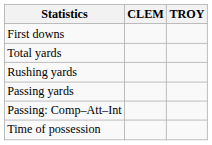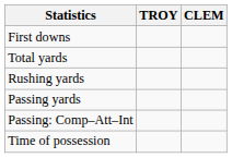 <table class="wikitable" style="float: left;">
 <tr>
 <th>Statistics</th>
+<th>TROY</th>
 <th>CLEM</th>
-<th>TROY</th>
 </tr>
 <tr>
 <td>First downs</td>
 <td></td>
 <td></td>
 </tr>
 <tr>
 <td>Total yards</td>
 <td></td>
 <td></td>
 </tr>
 <tr>
 <td>Rushing yards</td>
 <td></td>
 <td></td>
 </tr>
 <tr>
 <td>Passing yards</td>
 <td></td>
 <td></td>
 </tr>
 <tr>
 <td>Passing: Comp–Att–Int</td>
 <td></td>
 <td></td>
 </tr>
 <tr>
 <td>Time of possession</td>
 <td></td>
 <td></td>
 </tr>
 </table>
